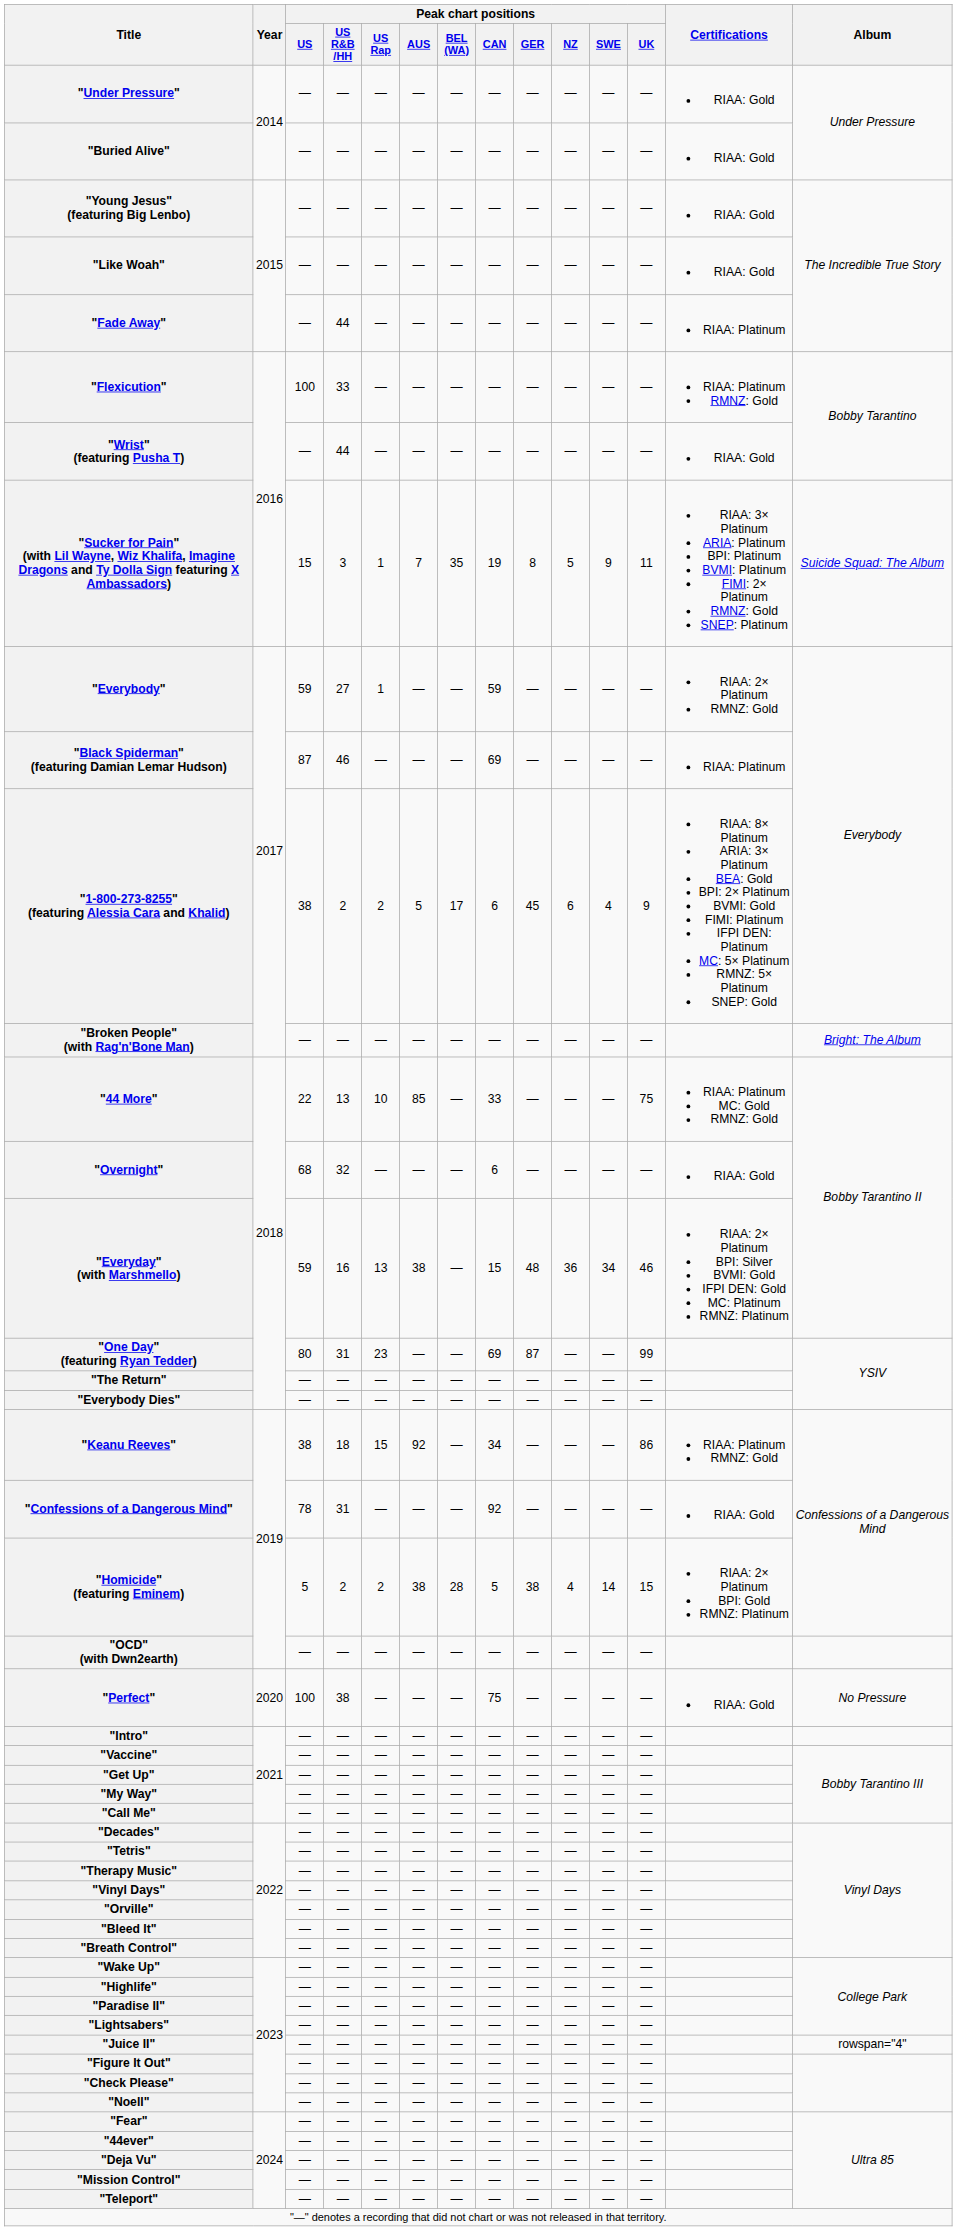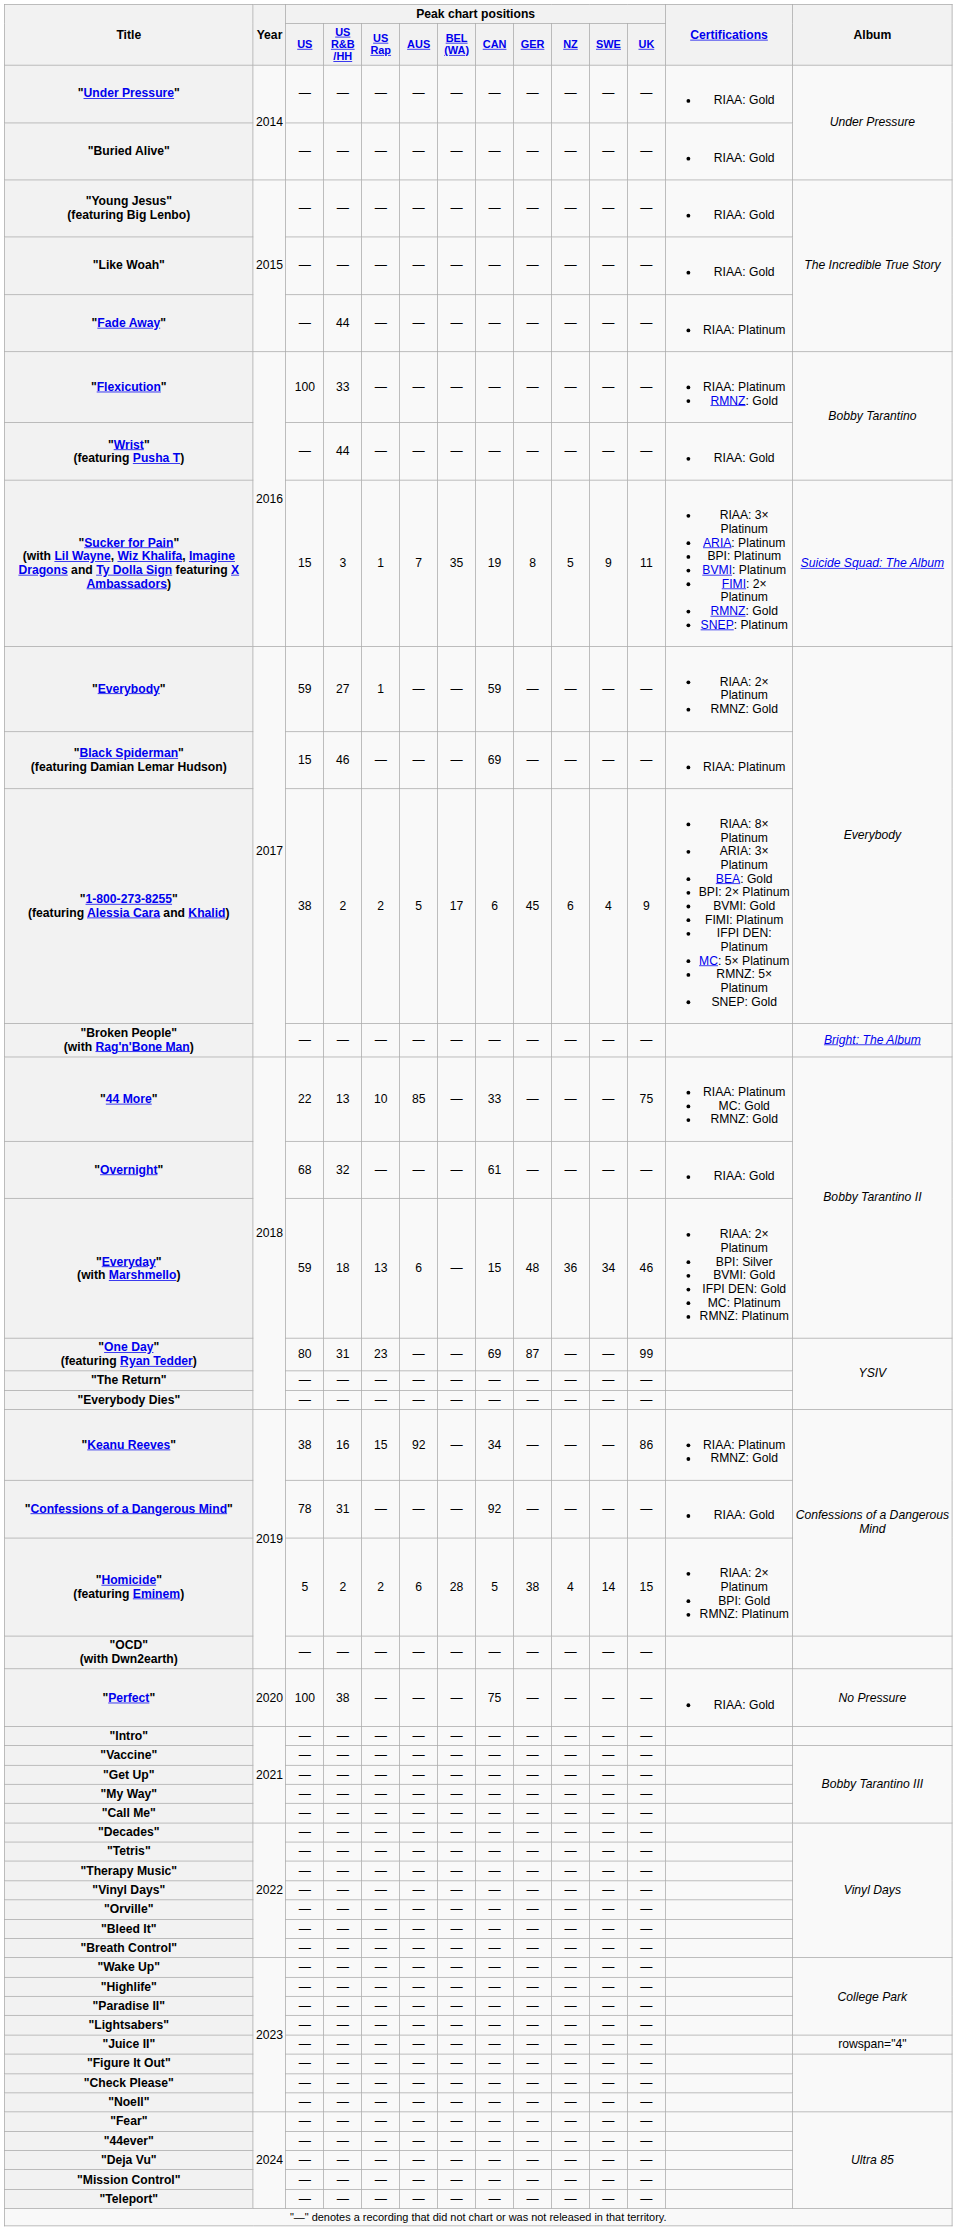 <table class="wikitable plainrowheaders" style="text-align:center;">
 <tr>
 <th scope="col" rowspan="2" style="width:20em;">Title</th>
 <th scope="col" rowspan="2">Year</th>
 <th scope="col" colspan="10">Peak chart positions</th>
 <th scope="col" rowspan="2"><a href='#'>Certifications</a></th>
 <th scope="col" rowspan="2">Album</th>
 </tr>
 <tr>
 <th scope="col" style="width:3em;font-size:90%;"><a href='#'>US</a><br></th>
 <th scope="col" style="width:3em;font-size:90%;"><a href='#'>US<br>R&B<br>/HH</a><br></th>
 <th scope="col" style="width:3em;font-size:90%;"><a href='#'>US<br>Rap</a><br></th>
 <th scope="col" style="width:3em;font-size:90%;"><a href='#'>AUS</a><br></th>
 <th scope="col" style="width:3em;font-size:90%;"><a href='#'>BEL (WA)</a><br></th>
 <th scope="col" style="width:3em;font-size:90%;"><a href='#'>CAN</a><br></th>
 <th scope="col" style="width:3em;font-size:90%;"><a href='#'>GER</a><br></th>
 <th scope="col" style="width:3em;font-size:90%;"><a href='#'>NZ</a><br></th>
 <th scope="col" style="width:3em;font-size:90%;"><a href='#'>SWE</a><br></th>
 <th scope="col" style="width:3em;font-size:90%;"><a href='#'>UK</a><br></th>
 </tr>
 <tr>
 <th scope="row">"<a href='#'>Under Pressure</a>"</th>
 <td rowspan="2">2014</td>
 <td>—</td>
 <td>—</td>
 <td>—</td>
 <td>—</td>
 <td>—</td>
 <td>—</td>
 <td>—</td>
 <td>—</td>
 <td>—</td>
 <td>—</td>
 <td><br><ul><li>RIAA: Gold</li></ul></td>
 <td rowspan="2"><em>Under Pressure</em></td>
 </tr>
 <tr>
 <th scope="row">"Buried Alive"</th>
 <td>—</td>
 <td>—</td>
 <td>—</td>
 <td>—</td>
 <td>—</td>
 <td>—</td>
 <td>—</td>
 <td>—</td>
 <td>—</td>
 <td>—</td>
 <td><br><ul><li>RIAA: Gold</li></ul></td>
 </tr>
 <tr>
 <th scope="row">"Young Jesus"<br><span>(featuring Big Lenbo)</span></th>
 <td rowspan="3">2015</td>
 <td>—</td>
 <td>—</td>
 <td>—</td>
 <td>—</td>
 <td>—</td>
 <td>—</td>
 <td>—</td>
 <td>—</td>
 <td>—</td>
 <td>—</td>
 <td><br><ul><li>RIAA: Gold</li></ul></td>
 <td rowspan="3"><em>The Incredible True Story</em></td>
 </tr>
 <tr>
 <th scope="row">"Like Woah"</th>
 <td>—</td>
 <td>—</td>
 <td>—</td>
 <td>—</td>
 <td>—</td>
 <td>—</td>
 <td>—</td>
 <td>—</td>
 <td>—</td>
 <td>—</td>
 <td><br><ul><li>RIAA: Gold</li></ul></td>
 </tr>
 <tr>
 <th scope="row">"<a href='#'>Fade Away</a>"</th>
 <td>—</td>
 <td>44</td>
 <td>—</td>
 <td>—</td>
 <td>—</td>
 <td>—</td>
 <td>—</td>
 <td>—</td>
 <td>—</td>
 <td>—</td>
 <td><br><ul><li>RIAA: Platinum</li></ul></td>
 </tr>
 <tr>
 <th scope="row">"<a href='#'>Flexicution</a>"</th>
 <td rowspan="3">2016</td>
 <td>100</td>
 <td>33</td>
 <td>—</td>
 <td>—</td>
 <td>—</td>
 <td>—</td>
 <td>—</td>
 <td>—</td>
 <td>—</td>
 <td>—</td>
 <td><br><ul><li>RIAA: Platinum</li><li><a href='#'>RMNZ</a>: Gold</li></ul></td>
 <td rowspan="2"><em>Bobby Tarantino</em></td>
 </tr>
 <tr>
 <th scope="row">"<a href='#'>Wrist</a>"<br><span>(featuring <a href='#'>Pusha T</a>)</span></th>
 <td>—</td>
 <td>44</td>
 <td>—</td>
 <td>—</td>
 <td>—</td>
 <td>—</td>
 <td>—</td>
 <td>—</td>
 <td>—</td>
 <td>—</td>
 <td><br><ul><li>RIAA: Gold</li></ul></td>
 </tr>
 <tr>
 <th scope="row">"<a href='#'>Sucker for Pain</a>"<br><span>(with <a href='#'>Lil Wayne</a>, <a href='#'>Wiz Khalifa</a>, <a href='#'>Imagine Dragons</a> and <a href='#'>Ty Dolla Sign</a> featuring <a href='#'>X Ambassadors</a>)</span></th>
 <td>15</td>
 <td>3</td>
 <td>1</td>
 <td>7</td>
 <td>35</td>
 <td>19</td>
 <td>8</td>
 <td>5</td>
 <td>9</td>
 <td>11</td>
 <td><br><ul><li>RIAA: 3× Platinum</li><li><a href='#'>ARIA</a>: Platinum</li><li>BPI: Platinum</li><li><a href='#'>BVMI</a>: Platinum</li><li><a href='#'>FIMI</a>: 2× Platinum</li><li><a href='#'>RMNZ</a>: Gold</li><li><a href='#'>SNEP</a>: Platinum</li></ul></td>
 <td><em><a href='#'>Suicide Squad: The Album</a></em></td>
 </tr>
 <tr>
 <th scope="row">"<a href='#'>Everybody</a>"</th>
 <td rowspan="4">2017</td>
 <td>59</td>
 <td>27</td>
 <td>1</td>
 <td>—</td>
 <td>—</td>
 <td>59</td>
 <td>—</td>
 <td>—</td>
 <td>—</td>
 <td>—</td>
 <td><br><ul><li>RIAA: 2× Platinum</li><li>RMNZ: Gold</li></ul></td>
 <td rowspan="3"><em>Everybody</em></td>
 </tr>
 <tr>
 <th scope="row">"<a href='#'>Black Spiderman</a>"<br><span>(featuring Damian Lemar Hudson)</span></th>
-<td>87</td>
+<td>15</td>
 <td>46</td>
 <td>—</td>
 <td>—</td>
 <td>—</td>
 <td>69</td>
 <td>—</td>
 <td>—</td>
 <td>—</td>
 <td>—</td>
 <td><br><ul><li>RIAA: Platinum</li></ul></td>
 </tr>
 <tr>
 <th scope="row">"<a href='#'>1-800-273-8255</a>"<br><span>(featuring <a href='#'>Alessia Cara</a> and <a href='#'>Khalid</a>)</span></th>
 <td>38</td>
 <td>2</td>
 <td>2</td>
 <td>5</td>
 <td>17</td>
 <td>6</td>
 <td>45</td>
 <td>6</td>
 <td>4</td>
 <td>9</td>
 <td><br><ul><li>RIAA: 8× Platinum</li><li>ARIA: 3× Platinum</li><li><a href='#'>BEA</a>: Gold</li><li>BPI: 2× Platinum</li><li>BVMI: Gold</li><li>FIMI: Platinum</li><li>IFPI DEN: Platinum</li><li><a href='#'>MC</a>: 5× Platinum</li><li>RMNZ: 5× Platinum</li><li>SNEP: Gold</li></ul></td>
 </tr>
 <tr>
 <th scope="row">"Broken People"<br><span>(with <a href='#'>Rag'n'Bone Man</a>)</span></th>
 <td>—</td>
 <td>—</td>
 <td>—</td>
 <td>—</td>
 <td>—</td>
 <td>—</td>
 <td>—</td>
 <td>—</td>
 <td>—</td>
 <td>—</td>
 <td></td>
 <td><em><a href='#'>Bright: The Album</a></em></td>
 </tr>
 <tr>
 <th scope="row">"<a href='#'>44 More</a>"</th>
 <td rowspan="6">2018</td>
 <td>22</td>
 <td>13</td>
 <td>10</td>
 <td>85</td>
 <td>—</td>
 <td>33</td>
 <td>—</td>
 <td>—</td>
 <td>—</td>
 <td>75</td>
 <td><br><ul><li>RIAA: Platinum</li><li>MC: Gold</li><li>RMNZ: Gold</li></ul></td>
 <td rowspan="3"><em>Bobby Tarantino II</em></td>
 </tr>
 <tr>
 <th scope="row">"<a href='#'>Overnight</a>"</th>
 <td>68</td>
 <td>32</td>
 <td>—</td>
 <td>—</td>
 <td>—</td>
-<td>6</td>
+<td>61</td>
 <td>—</td>
 <td>—</td>
 <td>—</td>
 <td>—</td>
 <td><br><ul><li>RIAA: Gold</li></ul></td>
 </tr>
 <tr>
 <th scope="row">"<a href='#'>Everyday</a>"<br><span>(with <a href='#'>Marshmello</a>)</span></th>
 <td>59</td>
-<td>16</td>
+<td>18</td>
 <td>13</td>
-<td>38</td>
+<td>6</td>
 <td>—</td>
 <td>15</td>
 <td>48</td>
 <td>36</td>
 <td>34</td>
 <td>46</td>
 <td><br><ul><li>RIAA: 2× Platinum</li><li>BPI: Silver</li><li>BVMI: Gold</li><li>IFPI DEN: Gold</li><li>MC: Platinum</li><li>RMNZ: Platinum</li></ul></td>
 </tr>
 <tr>
 <th scope="row">"<a href='#'>One Day</a>"<br><span>(featuring <a href='#'>Ryan Tedder</a>)</span></th>
 <td>80</td>
 <td>31</td>
 <td>23</td>
 <td>—</td>
 <td>—</td>
 <td>69</td>
 <td>87</td>
 <td>—</td>
 <td>—</td>
 <td>99</td>
 <td></td>
 <td rowspan="3"><em>YSIV</em></td>
 </tr>
 <tr>
 <th scope="row">"The Return"</th>
 <td>—</td>
 <td>—</td>
 <td>—</td>
 <td>—</td>
 <td>—</td>
 <td>—</td>
 <td>—</td>
 <td>—</td>
 <td>—</td>
 <td>—</td>
 <td></td>
 </tr>
 <tr>
 <th scope="row">"Everybody Dies"</th>
 <td>—</td>
 <td>—</td>
 <td>—</td>
 <td>—</td>
 <td>—</td>
 <td>—</td>
 <td>—</td>
 <td>—</td>
 <td>—</td>
 <td>—</td>
 <td></td>
 </tr>
 <tr>
 <th scope="row">"<a href='#'>Keanu Reeves</a>"</th>
 <td rowspan="4">2019</td>
 <td>38</td>
-<td>18</td>
+<td>16</td>
 <td>15</td>
 <td>92</td>
 <td>—</td>
 <td>34</td>
 <td>—</td>
 <td>—</td>
 <td>—</td>
 <td>86</td>
 <td><br><ul><li>RIAA: Platinum</li><li>RMNZ: Gold</li></ul></td>
 <td rowspan="3"><em>Confessions of a Dangerous Mind</em></td>
 </tr>
 <tr>
 <th scope="row">"<a href='#'>Confessions of a Dangerous Mind</a>"</th>
 <td>78</td>
 <td>31</td>
 <td>—</td>
 <td>—</td>
 <td>—</td>
 <td>92</td>
 <td>—</td>
 <td>—</td>
 <td>—</td>
 <td>—</td>
 <td><br><ul><li>RIAA: Gold</li></ul></td>
 </tr>
 <tr>
 <th scope="row">"<a href='#'>Homicide</a>"<br><span>(featuring <a href='#'>Eminem</a>)</span></th>
 <td>5</td>
 <td>2</td>
 <td>2</td>
-<td>38</td>
+<td>6</td>
 <td>28</td>
 <td>5</td>
 <td>38</td>
 <td>4</td>
 <td>14</td>
 <td>15</td>
 <td><br><ul><li>RIAA: 2× Platinum</li><li>BPI: Gold</li><li>RMNZ: Platinum</li></ul></td>
 </tr>
 <tr>
 <th scope="row">"OCD"<br><span>(with Dwn2earth)</span></th>
 <td>—</td>
 <td>—</td>
 <td>—</td>
 <td>—</td>
 <td>—</td>
 <td>—</td>
 <td>—</td>
 <td>—</td>
 <td>—</td>
 <td>—</td>
 <td></td>
 <td></td>
 </tr>
 <tr>
 <th scope="row">"<a href='#'>Perfect</a>"</th>
 <td>2020</td>
 <td>100</td>
 <td>38</td>
 <td>—</td>
 <td>—</td>
 <td>—</td>
 <td>75</td>
 <td>—</td>
 <td>—</td>
 <td>—</td>
 <td>—</td>
 <td><br><ul><li>RIAA: Gold</li></ul></td>
 <td><em>No Pressure</em></td>
 </tr>
 <tr>
 <th scope="row">"Intro"</th>
 <td rowspan="5">2021</td>
 <td>—</td>
 <td>—</td>
 <td>—</td>
 <td>—</td>
 <td>—</td>
 <td>—</td>
 <td>—</td>
 <td>—</td>
 <td>—</td>
 <td>—</td>
 <td></td>
 <td></td>
 </tr>
 <tr>
 <th scope="row">"Vaccine"</th>
 <td>—</td>
 <td>—</td>
 <td>—</td>
 <td>—</td>
 <td>—</td>
 <td>—</td>
 <td>—</td>
 <td>—</td>
 <td>—</td>
 <td>—</td>
 <td></td>
 <td rowspan="4"><em>Bobby Tarantino III</em></td>
 </tr>
 <tr>
 <th scope="row">"Get Up"</th>
 <td>—</td>
 <td>—</td>
 <td>—</td>
 <td>—</td>
 <td>—</td>
 <td>—</td>
 <td>—</td>
 <td>—</td>
 <td>—</td>
 <td>—</td>
 <td></td>
 </tr>
 <tr>
 <th scope="row">"My Way"</th>
 <td>—</td>
 <td>—</td>
 <td>—</td>
 <td>—</td>
 <td>—</td>
 <td>—</td>
 <td>—</td>
 <td>—</td>
 <td>—</td>
 <td>—</td>
 <td></td>
 </tr>
 <tr>
 <th scope="row">"Call Me"</th>
 <td>—</td>
 <td>—</td>
 <td>—</td>
 <td>—</td>
 <td>—</td>
 <td>—</td>
 <td>—</td>
 <td>—</td>
 <td>—</td>
 <td>—</td>
 <td></td>
 </tr>
 <tr>
 <th scope="row">"Decades"</th>
 <td rowspan="7">2022</td>
 <td>—</td>
 <td>—</td>
 <td>—</td>
 <td>—</td>
 <td>—</td>
 <td>—</td>
 <td>—</td>
 <td>—</td>
 <td>—</td>
 <td>—</td>
 <td></td>
 <td rowspan="7"><em>Vinyl Days</em></td>
 </tr>
 <tr>
 <th scope="row">"Tetris"</th>
 <td>—</td>
 <td>—</td>
 <td>—</td>
 <td>—</td>
 <td>—</td>
 <td>—</td>
 <td>—</td>
 <td>—</td>
 <td>—</td>
 <td>—</td>
 <td></td>
 </tr>
 <tr>
 <th scope="row">"Therapy Music"<br></th>
 <td>—</td>
 <td>—</td>
 <td>—</td>
 <td>—</td>
 <td>—</td>
 <td>—</td>
 <td>—</td>
 <td>—</td>
 <td>—</td>
 <td>—</td>
 <td></td>
 </tr>
 <tr>
 <th scope="row">"Vinyl Days"<br></th>
 <td>—</td>
 <td>—</td>
 <td>—</td>
 <td>—</td>
 <td>—</td>
 <td>—</td>
 <td>—</td>
 <td>—</td>
 <td>—</td>
 <td>—</td>
 <td></td>
 </tr>
 <tr>
 <th scope="row">"Orville"<br></th>
 <td>—</td>
 <td>—</td>
 <td>—</td>
 <td>—</td>
 <td>—</td>
 <td>—</td>
 <td>—</td>
 <td>—</td>
 <td>—</td>
 <td>—</td>
 <td></td>
 </tr>
 <tr>
 <th scope="row">"Bleed It"</th>
 <td>—</td>
 <td>—</td>
 <td>—</td>
 <td>—</td>
 <td>—</td>
 <td>—</td>
 <td>—</td>
 <td>—</td>
 <td>—</td>
 <td>—</td>
 <td></td>
 </tr>
 <tr>
 <th scope="row">"Breath Control"<br></th>
 <td>—</td>
 <td>—</td>
 <td>—</td>
 <td>—</td>
 <td>—</td>
 <td>—</td>
 <td>—</td>
 <td>—</td>
 <td>—</td>
 <td>—</td>
 <td></td>
 </tr>
 <tr>
 <th scope="row">"Wake Up"<br></th>
 <td rowspan="8">2023</td>
 <td>—</td>
 <td>—</td>
 <td>—</td>
 <td>—</td>
 <td>—</td>
 <td>—</td>
 <td>—</td>
 <td>—</td>
 <td>—</td>
 <td>—</td>
 <td></td>
 <td rowspan="4"><em>College Park</em></td>
 </tr>
 <tr>
 <th scope="row">"Highlife"</th>
 <td>—</td>
 <td>—</td>
 <td>—</td>
 <td>—</td>
 <td>—</td>
 <td>—</td>
 <td>—</td>
 <td>—</td>
 <td>—</td>
 <td>—</td>
 <td></td>
 </tr>
 <tr>
 <th scope="row">"Paradise II"<br></th>
 <td>—</td>
 <td>—</td>
 <td>—</td>
 <td>—</td>
 <td>—</td>
 <td>—</td>
 <td>—</td>
 <td>—</td>
 <td>—</td>
 <td>—</td>
 <td></td>
 </tr>
 <tr>
 <th scope="row">"Lightsabers"</th>
 <td>—</td>
 <td>—</td>
 <td>—</td>
 <td>—</td>
 <td>—</td>
 <td>—</td>
 <td>—</td>
 <td>—</td>
 <td>—</td>
 <td>—</td>
 <td></td>
 </tr>
 <tr>
 <th scope="row">"Juice II"</th>
 <td>—</td>
 <td>—</td>
 <td>—</td>
 <td>—</td>
 <td>—</td>
 <td>—</td>
 <td>—</td>
 <td>—</td>
 <td>—</td>
 <td>—</td>
 <td></td>
 <td>rowspan="4" </td>
 </tr>
 <tr>
 <th scope="row">"Figure It Out"</th>
 <td>—</td>
 <td>—</td>
 <td>—</td>
 <td>—</td>
 <td>—</td>
 <td>—</td>
 <td>—</td>
 <td>—</td>
 <td>—</td>
 <td>—</td>
 <td></td>
 </tr>
 <tr>
 <th scope="row">"Check Please"<br></th>
 <td>—</td>
 <td>—</td>
 <td>—</td>
 <td>—</td>
 <td>—</td>
 <td>—</td>
 <td>—</td>
 <td>—</td>
 <td>—</td>
 <td>—</td>
 <td></td>
 </tr>
 <tr>
 <th scope="row">"Noell"</th>
 <td>—</td>
 <td>—</td>
 <td>—</td>
 <td>—</td>
 <td>—</td>
 <td>—</td>
 <td>—</td>
 <td>—</td>
 <td>—</td>
 <td>—</td>
 <td></td>
 </tr>
 <tr>
 <th scope="row">"Fear"<br></th>
 <td rowspan="5">2024</td>
 <td>—</td>
 <td>—</td>
 <td>—</td>
 <td>—</td>
 <td>—</td>
 <td>—</td>
 <td>—</td>
 <td>—</td>
 <td>—</td>
 <td>—</td>
 <td></td>
 <td rowspan="5"><em>Ultra 85</em></td>
 </tr>
 <tr>
 <th scope="row">"44ever"</th>
 <td>—</td>
 <td>—</td>
 <td>—</td>
 <td>—</td>
 <td>—</td>
 <td>—</td>
 <td>—</td>
 <td>—</td>
 <td>—</td>
 <td>—</td>
 <td></td>
 </tr>
 <tr>
 <th scope="row">"Deja Vu"<br></th>
 <td>—</td>
 <td>—</td>
 <td>—</td>
 <td>—</td>
 <td>—</td>
 <td>—</td>
 <td>—</td>
 <td>—</td>
 <td>—</td>
 <td>—</td>
 <td></td>
 </tr>
 <tr>
 <th scope="row">"Mission Control"<br></th>
 <td>—</td>
 <td>—</td>
 <td>—</td>
 <td>—</td>
 <td>—</td>
 <td>—</td>
 <td>—</td>
 <td>—</td>
 <td>—</td>
 <td>—</td>
 <td></td>
 </tr>
 <tr>
 <th scope="row">"Teleport"</th>
 <td>—</td>
 <td>—</td>
 <td>—</td>
 <td>—</td>
 <td>—</td>
 <td>—</td>
 <td>—</td>
 <td>—</td>
 <td>—</td>
 <td>—</td>
 <td></td>
 </tr>
 <tr>
 <td colspan="15" style="font-size:90%">"—" denotes a recording that did not chart or was not released in that territory.</td>
 </tr>
 </table>
